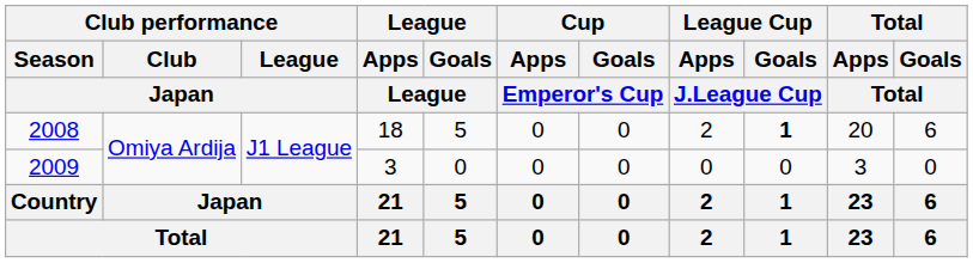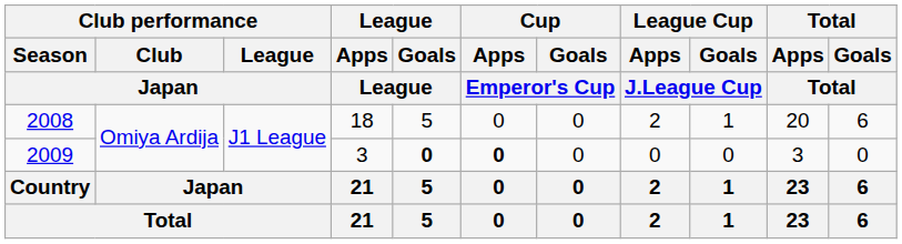 <table class="wikitable" style="text-align:center;">
 <tr>
 <th colspan=3>Club performance</th>
 <th colspan=2>League</th>
 <th colspan=2>Cup</th>
 <th colspan=2>League Cup</th>
 <th colspan=2>Total</th>
 </tr>
 <tr>
 <th>Season</th>
 <th>Club</th>
 <th>League</th>
 <th>Apps</th>
 <th>Goals</th>
 <th>Apps</th>
 <th>Goals</th>
 <th>Apps</th>
 <th>Goals</th>
 <th>Apps</th>
 <th>Goals</th>
 </tr>
 <tr>
 <th colspan=3>Japan</th>
 <th colspan=2>League</th>
 <th colspan=2><a href='#'>Emperor's Cup</a></th>
 <th colspan=2><a href='#'>J.League Cup</a></th>
 <th colspan=2>Total</th>
 </tr>
 <tr>
 <td><a href='#'>2008</a></td>
 <td rowspan="2"><a href='#'>Omiya Ardija</a></td>
 <td rowspan="2"><a href='#'>J1 League</a></td>
 <td>18</td>
 <td>5</td>
 <td>0</td>
 <td>0</td>
 <td>2</td>
-<td><strong>1</strong></td>
+<td>1</td>
 <td>20</td>
 <td>6</td>
 </tr>
 <tr>
 <td><a href='#'>2009</a></td>
 <td>3</td>
-<td>0</td>
-<td>0</td>
+<td><strong>0</strong></td>
+<td><strong>0</strong></td>
 <td>0</td>
 <td>0</td>
 <td>0</td>
 <td>3</td>
 <td>0</td>
 </tr>
 <tr>
 <th rowspan=1>Country</th>
 <th colspan=2>Japan</th>
 <th>21</th>
 <th>5</th>
 <th>0</th>
 <th>0</th>
 <th>2</th>
 <th>1</th>
 <th>23</th>
 <th>6</th>
 </tr>
 <tr>
 <th colspan=3>Total</th>
 <th>21</th>
 <th>5</th>
 <th>0</th>
 <th>0</th>
 <th>2</th>
 <th>1</th>
 <th>23</th>
 <th>6</th>
 </tr>
 </table>
